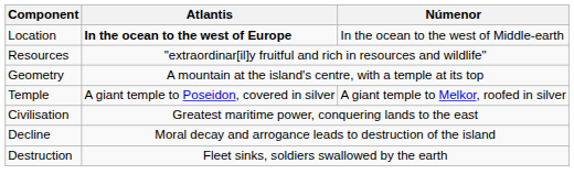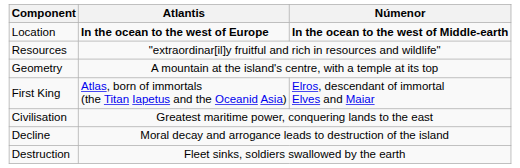 <table class="wikitable" style="margin:1em auto;">
 <tr>
 <th>Component</th>
 <th>Atlantis</th>
 <th>Númenor</th>
 </tr>
 <tr>
 <td>Location</td>
 <td><strong>In the ocean to the west of Europe</strong></td>
-<td>In the ocean to the west of Middle-earth</td>
+<td><strong>In the ocean to the west of Middle-earth</strong></td>
 </tr>
 <tr>
 <td>Resources</td>
 <td colspan=2; style="text-align: center;">"extraordinar[il]y fruitful and rich in resources and wildlife"</td>
 </tr>
 <tr>
 <td>Geometry</td>
 <td colspan=2; style="text-align: center;">A mountain at the island's centre, with a temple at its top</td>
 </tr>
 <tr>
-<td>Temple</td>
-<td>A giant temple to <a href='#'>Poseidon</a>, covered in silver</td>
-<td>A giant temple to <a href='#'>Melkor</a>, roofed in silver</td>
+<td>First King</td>
+<td><a href='#'>Atlas</a>, born of immortals<br>(the <a href='#'>Titan</a> <a href='#'>Iapetus</a> and the <a href='#'>Oceanid</a> <a href='#'>Asia</a>)</td>
+<td><a href='#'>Elros</a>, descendant of immortal<br><a href='#'>Elves</a> and <a href='#'>Maiar</a></td>
 </tr>
 <tr>
 <td>Civilisation</td>
 <td colspan=2; style="text-align: center;">Greatest maritime power, conquering lands to the east</td>
 </tr>
 <tr>
 <td>Decline</td>
 <td colspan=2; style="text-align: center;">Moral decay and arrogance leads to destruction of the island</td>
 </tr>
 <tr>
 <td>Destruction</td>
 <td colspan=2; style="text-align: center;">Fleet sinks, soldiers swallowed by the earth</td>
 </tr>
 </table>
